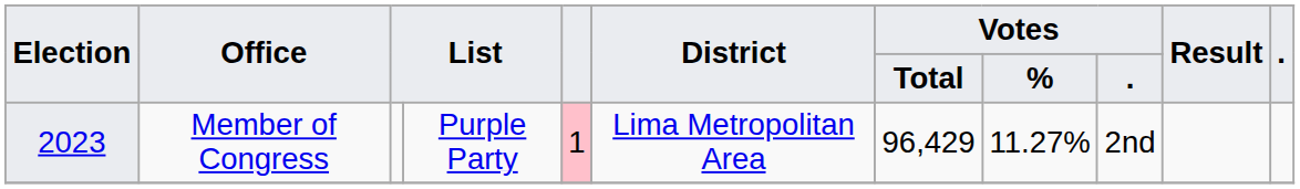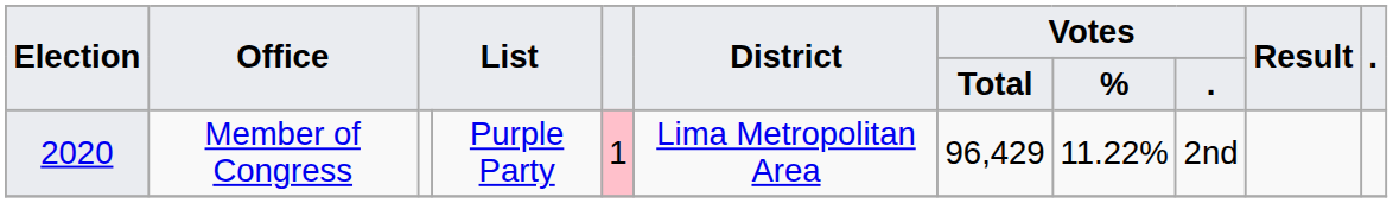 <table class="wikitable" style="font-size:90%; text-align:center;">
 <tr>
 <th style="background-color:#EAECF0;" rowspan=2>Election</th>
 <th style="background-color:#EAECF0;" rowspan=2>Office</th>
 <th style="background-color:#EAECF0;" colspan=2 rowspan=2>List</th>
 <th style="background-color:#EAECF0;" rowspan=2></th>
 <th style="background-color:#EAECF0;" rowspan=2>District</th>
 <th style="background-color:#EAECF0;" colspan=3>Votes</th>
 <th style="background-color:#EAECF0;" rowspan=2>Result</th>
 <th style="background-color:#EAECF0;" rowspan=2>.</th>
 </tr>
 <tr>
 <th style="background-color:#EAECF0;">Total</th>
 <th style="background-color:#EAECF0;">%</th>
 <th style="background-color:#EAECF0;">.</th>
 </tr>
 <tr>
-<td style="background-color:#EAECF0;"><a href='#'>2023</a></td>
+<td style="background-color:#EAECF0;"><a href='#'>2020</a></td>
 <td><a href='#'>Member of Congress</a></td>
 <td style="background-color:"></td>
 <td><a href='#'>Purple Party</a></td>
 <td style="background: pink;">1</td>
 <td><a href='#'>Lima Metropolitan Area</a></td>
 <td>96,429</td>
-<td>11.27%</td>
+<td>11.22%</td>
 <td>2nd</td>
 <td></td>
 <td></td>
 </tr>
 <tr>
 </tr>
 </table>
